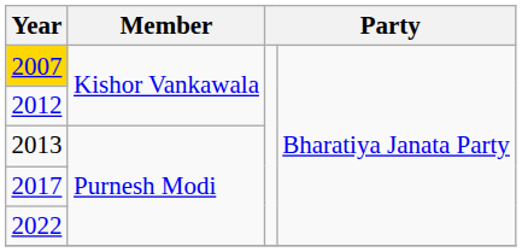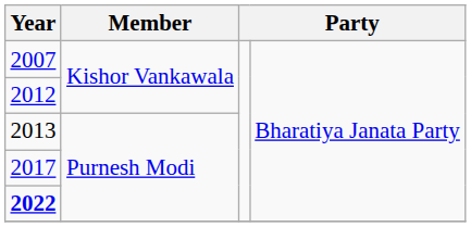 <table class="wikitable sortable">
 <tr>
 <th>Year</th>
 <th>Member</th>
 <th colspan="2">Party</th>
 </tr>
 <tr>
-<td style="background: gold;"><a href='#'>2007</a></td>
+<td><a href='#'>2007</a></td>
 <td rowspan="2"><a href='#'>Kishor Vankawala</a></td>
 <td rowspan="5" style="background-color: "></td>
 <td rowspan="5"><a href='#'>Bharatiya Janata Party</a></td>
 </tr>
 <tr>
 <td><a href='#'>2012</a></td>
 </tr>
 <tr>
 <td>2013</td>
 <td rowspan="3"><a href='#'>Purnesh Modi</a></td>
 </tr>
 <tr>
 <td><a href='#'>2017</a></td>
 </tr>
 <tr>
-<td><a href='#'>2022</a></td>
+<td><strong><a href='#'>2022</a></strong></td>
 </tr>
 <tr>
 </tr>
 </table>
